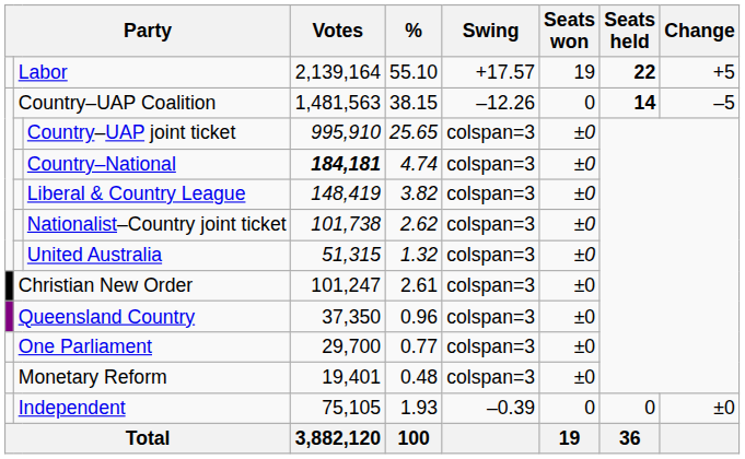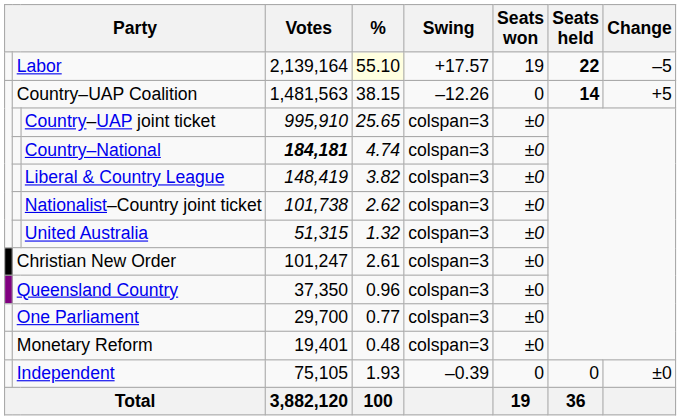 <table class="wikitable">
 <tr>
 <th colspan="3">Party</th>
 <th style="width:70px">Votes</th>
 <th style="width:40px">%</th>
 <th style="width:40px">Swing</th>
 <th style="width:40px">Seats won</th>
 <th style="width:40px">Seats held</th>
 <th style="width:40px">Change</th>
 </tr>
 <tr>
 <td></td>
 <td colspan="2"><a href='#'>Labor</a></td>
 <td align=right>2,139,164</td>
-<td align=right>55.10</td>
+<td align=right style="background: lightyellow;">55.10</td>
 <td align=right>+17.57</td>
 <td align=right>19</td>
 <td align=right><strong>22</strong></td>
-<td align=right>+5</td>
+<td align=right>–5</td>
 </tr>
 <tr>
 <td rowspan="6"></td>
 <td colspan="2">Country–UAP Coalition</td>
 <td align=right>1,481,563</td>
 <td align=right>38.15</td>
 <td align=right>–12.26</td>
 <td align=right>0</td>
 <td align=right><strong>14</strong></td>
-<td align=right>–5</td>
+<td align=right>+5</td>
 </tr>
 <tr>
 <td></td>
 <td><a href='#'>Country</a>–<a href='#'>UAP</a> joint ticket </td>
 <td align=right><em>995,910</em></td>
 <td align=right><em>25.65</em></td>
 <td>colspan=3 <em></em></td>
 <td align=right><em>±0</em></td>
 </tr>
 <tr>
 <td></td>
 <td><a href='#'>Country–National</a> </td>
 <td align=right><strong><em>184,181</em></strong></td>
 <td align=right><em>4.74</em></td>
 <td>colspan=3 <em></em></td>
 <td align=right><em>±0</em></td>
 </tr>
 <tr>
 <td></td>
 <td><a href='#'>Liberal & Country League</a> </td>
 <td align=right><em>148,419</em></td>
 <td align=right><em>3.82</em></td>
 <td>colspan=3 <em></em></td>
 <td align=right><em>±0</em></td>
 </tr>
 <tr>
 <td></td>
 <td><a href='#'>Nationalist</a>–Country joint ticket </td>
 <td align=right><em>101,738</em></td>
 <td align=right><em>2.62</em></td>
 <td>colspan=3 <em></em></td>
 <td align=right><em>±0</em></td>
 </tr>
 <tr>
 <td></td>
 <td><a href='#'>United Australia</a> </td>
 <td align=right><em>51,315</em></td>
 <td align=right><em>1.32</em></td>
 <td>colspan=3 <em></em></td>
 <td align=right><em>±0</em></td>
 </tr>
 <tr>
 <td bgcolor=black></td>
 <td colspan="2">Christian New Order</td>
 <td align=right>101,247</td>
 <td align=right>2.61</td>
 <td>colspan=3 </td>
 <td align=right>±0</td>
 </tr>
 <tr>
 <td bgcolor=purple></td>
 <td colspan="2"><a href='#'>Queensland Country</a></td>
 <td align=right>37,350</td>
 <td align=right>0.96</td>
 <td>colspan=3 </td>
 <td align=right>±0</td>
 </tr>
 <tr>
 <td></td>
 <td colspan="2"><a href='#'>One Parliament</a></td>
 <td align=right>29,700</td>
 <td align=right>0.77</td>
 <td>colspan=3 </td>
 <td align=right>±0</td>
 </tr>
 <tr>
 <td></td>
 <td colspan="2">Monetary Reform</td>
 <td align=right>19,401</td>
 <td align=right>0.48</td>
 <td>colspan=3 </td>
 <td align=right>±0</td>
 </tr>
 <tr>
 <td></td>
 <td colspan="2"><a href='#'>Independent</a></td>
 <td align=right>75,105</td>
 <td align=right>1.93</td>
 <td align=right>–0.39</td>
 <td align=right>0</td>
 <td align=right>0</td>
 <td align=right>±0</td>
 </tr>
 <tr>
 <th colspan="3">Total</th>
 <th align="center">3,882,120</th>
 <th align="center">100</th>
 <th align="center"></th>
 <th align="right">19</th>
 <th align="right">36</th>
 <th align="right"></th>
 </tr>
 </table>
